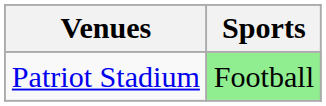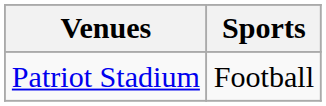 <table class="wikitable">
 <tr>
 <th>Venues</th>
 <th>Sports</th>
 </tr>
 <tr>
 <td><a href='#'>Patriot Stadium</a></td>
-<td style="background: lightgreen;">Football</td>
+<td>Football</td>
 </tr>
 </table>
